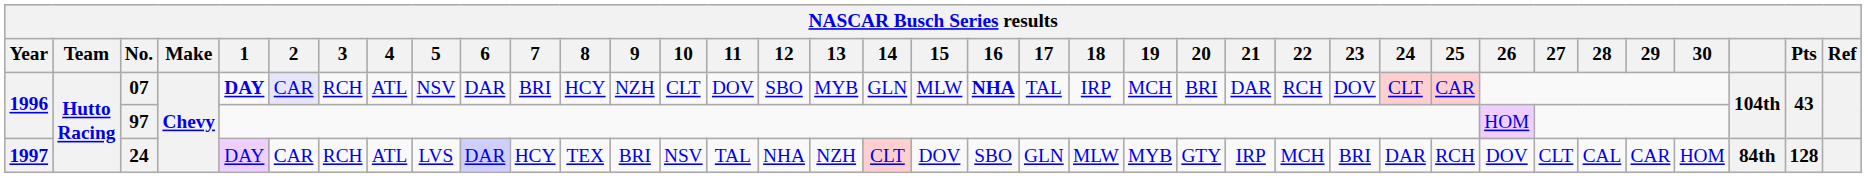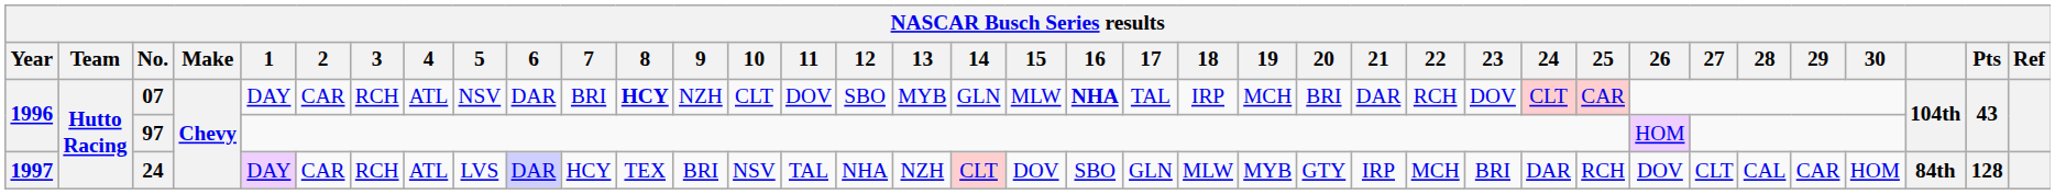 <table class="wikitable" style="text-align:center; font-size:75%">
 <tr>
 <th colspan=42><a href='#'>NASCAR Busch Series</a> results</th>
 </tr>
 <tr>
 <th>Year</th>
 <th>Team</th>
 <th>No.</th>
 <th>Make</th>
 <th>1</th>
 <th>2</th>
 <th>3</th>
 <th>4</th>
 <th>5</th>
 <th>6</th>
 <th>7</th>
 <th>8</th>
 <th>9</th>
 <th>10</th>
 <th>11</th>
 <th>12</th>
 <th>13</th>
 <th>14</th>
 <th>15</th>
 <th>16</th>
 <th>17</th>
 <th>18</th>
 <th>19</th>
 <th>20</th>
 <th>21</th>
 <th>22</th>
 <th>23</th>
 <th>24</th>
 <th>25</th>
 <th>26</th>
 <th>27</th>
 <th>28</th>
 <th>29</th>
 <th>30</th>
 <th></th>
 <th>Pts</th>
 <th>Ref</th>
 </tr>
 <tr>
 <th rowspan=2><a href='#'>1996</a></th>
 <th rowspan=3><a href='#'>Hutto Racing</a></th>
 <th>07</th>
 <th rowspan=3><a href='#'>Chevy</a></th>
-<td><strong><a href='#'>DAY</a></strong></td>
-<td style="background: lavender;"><a href='#'>CAR</a></td>
+<td><a href='#'>DAY</a></td>
+<td><a href='#'>CAR</a></td>
 <td><a href='#'>RCH</a></td>
 <td><a href='#'>ATL</a></td>
 <td><a href='#'>NSV</a></td>
 <td><a href='#'>DAR</a></td>
 <td><a href='#'>BRI</a></td>
-<td><a href='#'>HCY</a></td>
+<td><strong><a href='#'>HCY</a></strong></td>
 <td><a href='#'>NZH</a></td>
 <td><a href='#'>CLT</a></td>
 <td><a href='#'>DOV</a></td>
 <td><a href='#'>SBO</a></td>
 <td><a href='#'>MYB</a></td>
 <td><a href='#'>GLN</a></td>
 <td><a href='#'>MLW</a></td>
 <td><strong><a href='#'>NHA</a></strong></td>
 <td><a href='#'>TAL</a></td>
 <td><a href='#'>IRP</a></td>
 <td><a href='#'>MCH</a></td>
 <td><a href='#'>BRI</a></td>
 <td><a href='#'>DAR</a></td>
 <td><a href='#'>RCH</a></td>
 <td><a href='#'>DOV</a></td>
 <td style="background:#FFCFCF;"><a href='#'>CLT</a><br></td>
 <td style="background:#FFCFCF;"><a href='#'>CAR</a><br></td>
 <td colspan=5></td>
 <th rowspan=2>104th</th>
 <th rowspan=2>43</th>
 <th rowspan=2></th>
 </tr>
 <tr>
 <th>97</th>
 <td colspan=25></td>
 <td style="background:#EFCFFF;"><a href='#'>HOM</a><br></td>
 <td colspan=4></td>
 </tr>
 <tr>
 <th><a href='#'>1997</a></th>
 <th>24</th>
 <td style="background:#EFCFFF;"><a href='#'>DAY</a><br></td>
 <td><a href='#'>CAR</a></td>
 <td><a href='#'>RCH</a></td>
 <td><a href='#'>ATL</a></td>
 <td><a href='#'>LVS</a></td>
 <td style="background:#CFCFFF;"><a href='#'>DAR</a><br></td>
 <td><a href='#'>HCY</a></td>
 <td><a href='#'>TEX</a></td>
 <td><a href='#'>BRI</a></td>
 <td><a href='#'>NSV</a></td>
 <td><a href='#'>TAL</a></td>
 <td><a href='#'>NHA</a></td>
 <td><a href='#'>NZH</a></td>
 <td style="background:#FFCFCF;"><a href='#'>CLT</a><br></td>
 <td><a href='#'>DOV</a></td>
 <td><a href='#'>SBO</a></td>
 <td><a href='#'>GLN</a></td>
 <td><a href='#'>MLW</a></td>
 <td><a href='#'>MYB</a></td>
 <td><a href='#'>GTY</a></td>
 <td><a href='#'>IRP</a></td>
 <td><a href='#'>MCH</a></td>
 <td><a href='#'>BRI</a></td>
 <td><a href='#'>DAR</a></td>
 <td><a href='#'>RCH</a></td>
 <td><a href='#'>DOV</a></td>
 <td><a href='#'>CLT</a></td>
 <td><a href='#'>CAL</a></td>
 <td><a href='#'>CAR</a></td>
 <td><a href='#'>HOM</a></td>
 <th>84th</th>
 <th>128</th>
 <th></th>
 </tr>
 </table>
